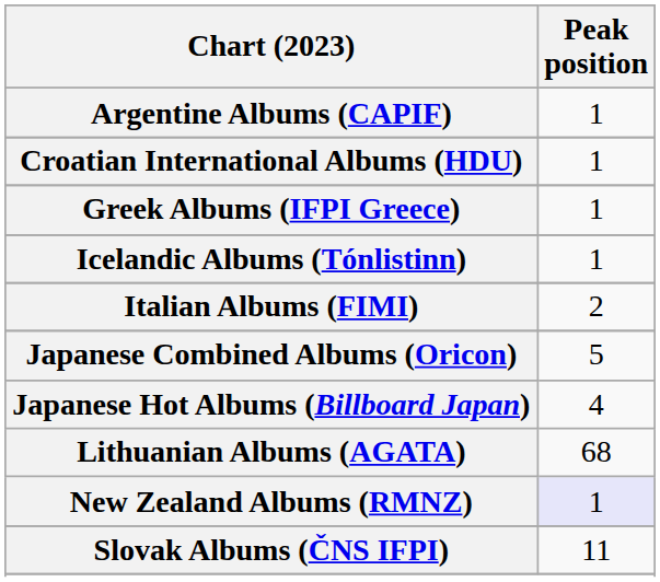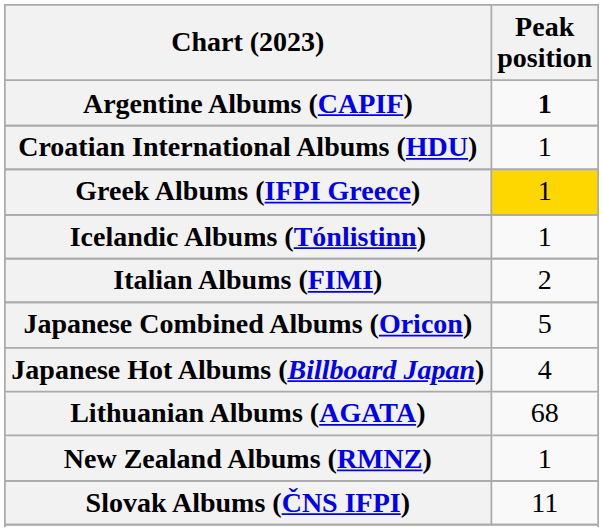 <table class="wikitable sortable plainrowheaders" style="text-align:center">
 <tr>
 <th scope="col">Chart (2023)</th>
 <th scope="col">Peak<br>position</th>
 </tr>
 <tr>
 <th scope="row">Argentine Albums (<a href='#'>CAPIF</a>)</th>
-<td>1</td>
+<td><strong>1</strong></td>
 </tr>
 <tr>
 </tr>
 <tr>
 </tr>
 <tr>
 </tr>
 <tr>
 </tr>
 <tr>
 </tr>
 <tr>
 <th scope="row">Croatian International Albums (<a href='#'>HDU</a>)</th>
 <td>1</td>
 </tr>
 <tr>
 </tr>
 <tr>
 </tr>
 <tr>
 </tr>
 <tr>
 </tr>
 <tr>
 </tr>
 <tr>
 </tr>
 <tr>
 <th scope="row">Greek Albums (<a href='#'>IFPI Greece</a>)</th>
-<td>1</td>
+<td style="background: gold;">1</td>
 </tr>
 <tr>
 </tr>
 <tr>
 <th scope="row">Icelandic Albums (<a href='#'>Tónlistinn</a>)</th>
 <td>1</td>
 </tr>
 <tr>
 </tr>
 <tr>
 <th scope="row">Italian Albums (<a href='#'>FIMI</a>)</th>
 <td>2</td>
 </tr>
 <tr>
 </tr>
 <tr>
 <th scope="row">Japanese Combined Albums (<a href='#'>Oricon</a>)</th>
 <td>5</td>
 </tr>
 <tr>
 <th scope="row">Japanese Hot Albums (<em><a href='#'>Billboard Japan</a></em>)</th>
 <td>4</td>
 </tr>
 <tr>
 <th scope="row">Lithuanian Albums (<a href='#'>AGATA</a>)</th>
 <td>68</td>
 </tr>
 <tr>
 <th scope="row">New Zealand Albums (<a href='#'>RMNZ</a>)</th>
-<td style="background: lavender;">1</td>
+<td>1</td>
 </tr>
 <tr>
 </tr>
 <tr>
 </tr>
 <tr>
 </tr>
 <tr>
 </tr>
 <tr>
 <th scope="row">Slovak Albums (<a href='#'>ČNS IFPI</a>)</th>
 <td>11</td>
 </tr>
 <tr>
 </tr>
 <tr>
 </tr>
 <tr>
 </tr>
 <tr>
 </tr>
 <tr>
 </tr>
 <tr>
 </tr>
 </table>
